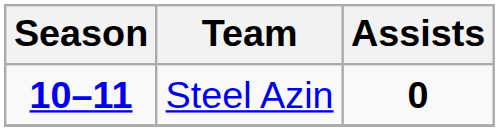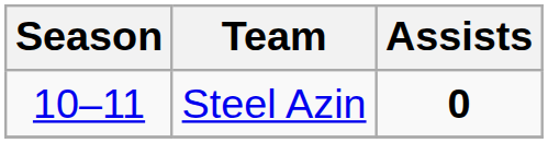 <table class="wikitable" style="text-align: center;">
 <tr>
 <th>Season</th>
 <th>Team</th>
 <th>Assists</th>
 </tr>
 <tr>
-<td><strong><a href='#'>10–11</a></strong></td>
+<td><a href='#'>10–11</a></td>
 <td align="left"><a href='#'>Steel Azin</a></td>
 <td><strong>0</strong></td>
 </tr>
 <tr>
 </tr>
 </table>
